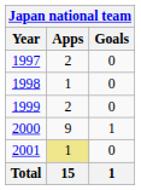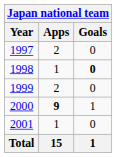 <table class="wikitable" style="text-align:center">
 <tr>
 <th colspan=3><a href='#'>Japan national team</a></th>
 </tr>
 <tr>
 <th>Year</th>
 <th>Apps</th>
 <th>Goals</th>
 </tr>
 <tr>
 <td><a href='#'>1997</a></td>
 <td>2</td>
 <td>0</td>
 </tr>
 <tr>
 <td><a href='#'>1998</a></td>
 <td>1</td>
-<td>0</td>
+<td><strong>0</strong></td>
 </tr>
 <tr>
 <td><a href='#'>1999</a></td>
 <td>2</td>
 <td>0</td>
 </tr>
 <tr>
 <td><a href='#'>2000</a></td>
-<td>9</td>
+<td><strong>9</strong></td>
 <td>1</td>
 </tr>
 <tr>
 <td><a href='#'>2001</a></td>
-<td style="background: khaki;">1</td>
+<td>1</td>
 <td>0</td>
 </tr>
 <tr>
 <th>Total</th>
 <th>15</th>
 <th>1</th>
 </tr>
 </table>
